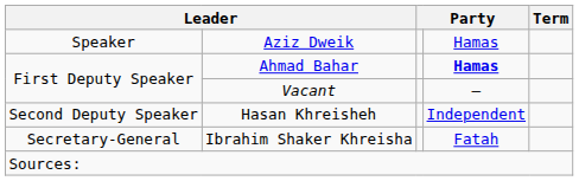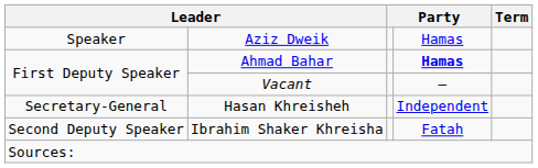 <table class=wikitable style="text-align:center">
 <tr>
 <th colspan=2>Leader</th>
 <th colspan=2>Party</th>
 <th>Term</th>
 </tr>
 <tr>
 <td>Speaker</td>
 <td><a href='#'>Aziz Dweik</a></td>
 <td style="background:"></td>
 <td><a href='#'>Hamas</a></td>
 <td></td>
 </tr>
 <tr>
 <td rowspan=2>First Deputy Speaker</td>
 <td><a href='#'>Ahmad Bahar</a></td>
 <td style="background:"></td>
 <td><strong><a href='#'>Hamas</a></strong></td>
 <td></td>
 </tr>
 <tr>
 <td><em>Vacant</em></td>
 <td style="background:"></td>
 <td>–</td>
 <td></td>
 </tr>
 <tr>
-<td>Second Deputy Speaker</td>
+<td>Secretary-General</td>
 <td>Hasan Khreisheh</td>
 <td style="background:"></td>
 <td><a href='#'>Independent</a></td>
 <td></td>
 </tr>
 <tr>
-<td>Secretary-General</td>
+<td>Second Deputy Speaker</td>
 <td>Ibrahim Shaker Khreisha</td>
 <td style="background:"></td>
 <td><a href='#'>Fatah</a></td>
 <td></td>
 </tr>
 <tr>
 <td align=left colspan=6>Sources:  </td>
 </tr>
 </table>
